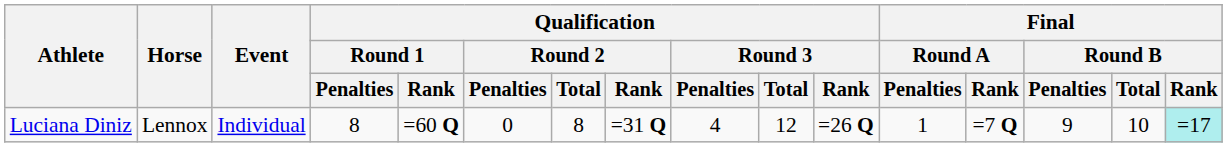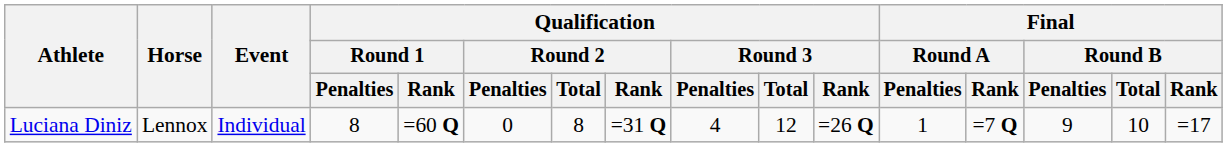 <table class="wikitable" style="font-size:90%">
 <tr>
 <th rowspan="3">Athlete</th>
 <th rowspan="3">Horse</th>
 <th rowspan="3">Event</th>
 <th colspan="8">Qualification</th>
 <th colspan="5">Final</th>
 </tr>
 <tr style="font-size:95%">
 <th colspan="2">Round 1</th>
 <th colspan="3">Round 2</th>
 <th colspan="3">Round 3</th>
 <th colspan="2">Round A</th>
 <th colspan="3">Round B</th>
 </tr>
 <tr style="font-size:95%">
 <th>Penalties</th>
 <th>Rank</th>
 <th>Penalties</th>
 <th>Total</th>
 <th>Rank</th>
 <th>Penalties</th>
 <th>Total</th>
 <th>Rank</th>
 <th>Penalties</th>
 <th>Rank</th>
 <th>Penalties</th>
 <th>Total</th>
 <th>Rank</th>
 </tr>
 <tr align=center>
 <td align=left><a href='#'>Luciana Diniz</a></td>
 <td align=left>Lennox</td>
 <td align=left><a href='#'>Individual</a></td>
 <td>8</td>
 <td>=60 <strong>Q</strong></td>
 <td>0</td>
 <td>8</td>
 <td>=31 <strong>Q</strong></td>
 <td>4</td>
 <td>12</td>
 <td>=26 <strong>Q</strong></td>
 <td>1</td>
 <td>=7 <strong>Q</strong></td>
 <td>9</td>
 <td>10</td>
-<td style="background: paleturquoise;">=17</td>
+<td>=17</td>
 </tr>
 </table>
